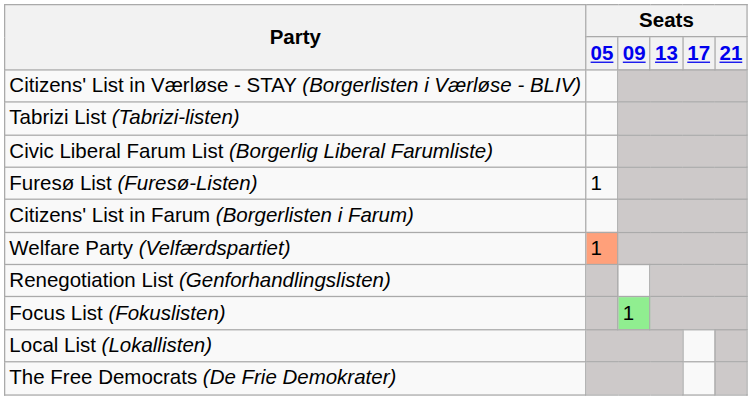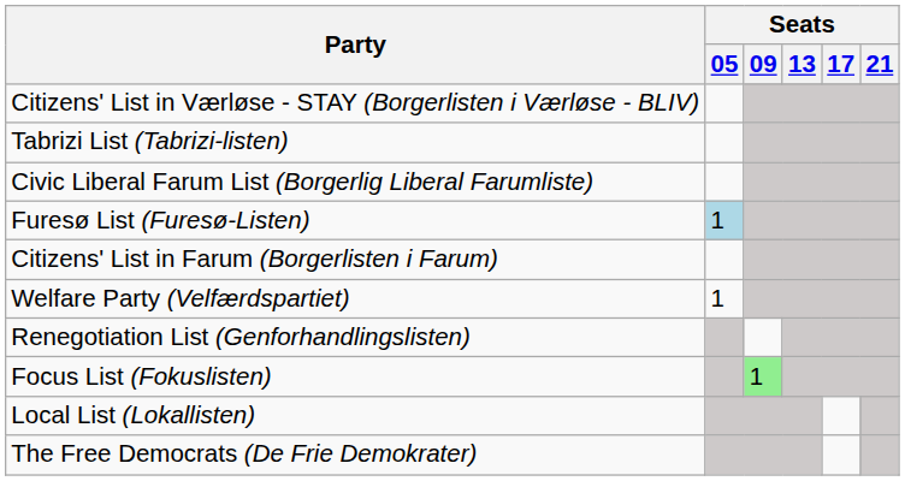 <table class="wikitable">
 <tr>
 <th rowspan=2>Party</th>
 <th colspan=11>Seats</th>
 </tr>
 <tr>
 <th><a href='#'>05</a></th>
 <th><a href='#'>09</a></th>
 <th><a href='#'>13</a></th>
 <th><a href='#'>17</a></th>
 <th><a href='#'>21</a></th>
 </tr>
 <tr>
 <td>Citizens' List in Værløse - STAY <em>(Borgerlisten i Værløse - BLIV)</em></td>
 <td></td>
 <td style="background:#CDC9C9;" colspan=4></td>
 </tr>
 <tr>
 <td>Tabrizi List <em>(Tabrizi-listen)</em></td>
 <td></td>
 <td style="background:#CDC9C9;" colspan=4></td>
 </tr>
 <tr>
 <td>Civic Liberal Farum List <em>(Borgerlig Liberal Farumliste)</em></td>
 <td></td>
 <td style="background:#CDC9C9;" colspan=4></td>
 </tr>
 <tr>
 <td>Furesø List <em>(Furesø-Listen)</em></td>
-<td>1</td>
+<td style="background: lightblue;">1</td>
 <td style="background:#CDC9C9;" colspan=4></td>
 </tr>
 <tr>
 <td>Citizens' List in Farum <em>(Borgerlisten i Farum)</em></td>
 <td></td>
 <td style="background:#CDC9C9;" colspan=4></td>
 </tr>
 <tr>
 <td>Welfare Party <em>(Velfærdspartiet)</em></td>
-<td style="background: lightsalmon;">1</td>
+<td>1</td>
 <td style="background:#CDC9C9;" colspan=4></td>
 </tr>
 <tr>
 <td>Renegotiation List <em>(Genforhandlingslisten)</em></td>
 <td style="background:#CDC9C9;"></td>
 <td></td>
 <td style="background:#CDC9C9;" colspan=3></td>
 </tr>
 <tr>
 <td>Focus List <em>(Fokuslisten)</em></td>
 <td style="background:#CDC9C9;"></td>
 <td style="background: lightgreen;">1</td>
 <td style="background:#CDC9C9;" colspan=3></td>
 </tr>
 <tr>
 <td>Local List <em>(Lokallisten)</em></td>
 <td style="background:#CDC9C9;" colspan=3></td>
 <td></td>
 <td style="background:#CDC9C9;"></td>
 </tr>
 <tr>
 <td>The Free Democrats <em>(De Frie Demokrater)</em></td>
 <td style="background:#CDC9C9;" colspan=3></td>
 <td></td>
 <td style="background:#CDC9C9;"></td>
 </tr>
 </table>
